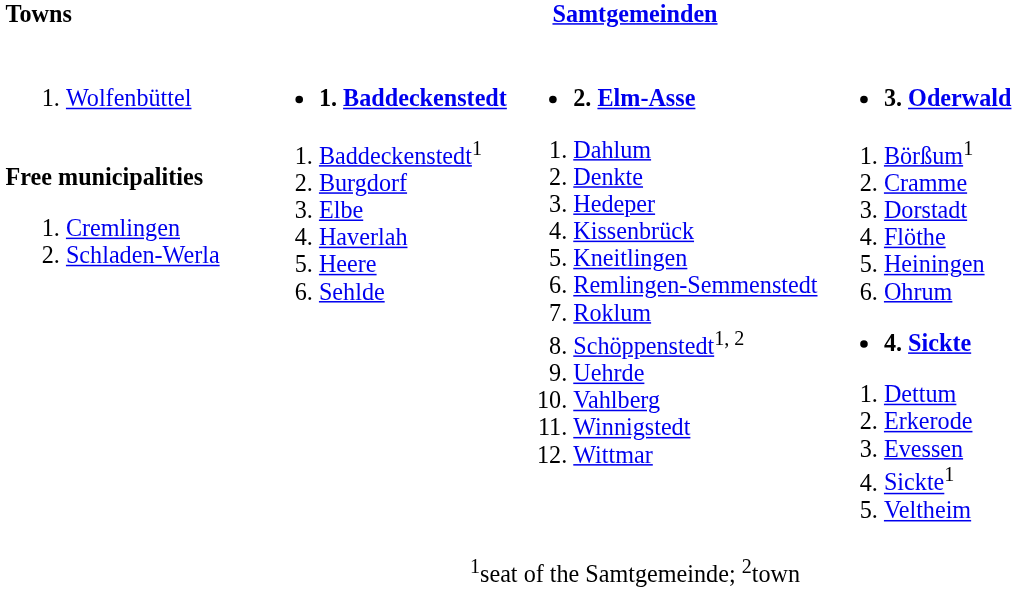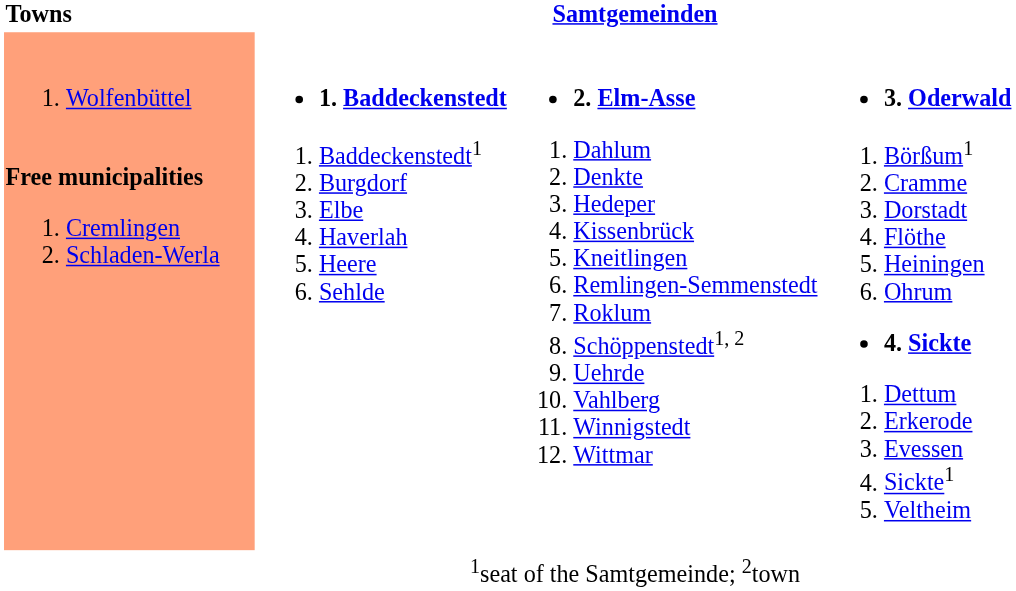 <table>
 <tr>
 <th align=left width=25%>Towns</th>
 <th colspan=3 align=center width=75%><a href='#'>Samtgemeinden</a></th>
 </tr>
 <tr valign=top>
-<td><br><ol><li><a href='#'>Wolfenbüttel</a></li></ol><br> <strong>Free municipalities</strong><br><ol><li><a href='#'>Cremlingen</a></li><li><a href='#'>Schladen-Werla</a></li></ol></td>
+<td style="background: lightsalmon;"><br><ol><li><a href='#'>Wolfenbüttel</a></li></ol><br> <strong>Free municipalities</strong><br><ol><li><a href='#'>Cremlingen</a></li><li><a href='#'>Schladen-Werla</a></li></ol></td>
 <td><br><ul><li><strong>1. <a href='#'>Baddeckenstedt</a></strong></li></ul><ol><li><a href='#'>Baddeckenstedt</a><sup>1</sup></li><li><a href='#'>Burgdorf</a></li><li><a href='#'>Elbe</a></li><li><a href='#'>Haverlah</a></li><li><a href='#'>Heere</a></li><li><a href='#'>Sehlde</a></li></ol></td>
 <td><br><ul><li><strong>2. <a href='#'>Elm-Asse</a></strong></li></ul><ol><li><a href='#'>Dahlum</a></li><li><a href='#'>Denkte</a></li><li><a href='#'>Hedeper</a></li><li><a href='#'>Kissenbrück</a></li><li><a href='#'>Kneitlingen</a></li><li><a href='#'>Remlingen-Semmenstedt</a></li><li><a href='#'>Roklum</a></li><li><a href='#'>Schöppenstedt</a><sup>1, 2</sup></li><li><a href='#'>Uehrde</a></li><li><a href='#'>Vahlberg</a></li><li><a href='#'>Winnigstedt</a></li><li><a href='#'>Wittmar</a></li></ol></td>
 <td><br><ul><li><strong>3. <a href='#'>Oderwald</a></strong></li></ul><ol><li><a href='#'>Börßum</a><sup>1</sup></li><li><a href='#'>Cramme</a></li><li><a href='#'>Dorstadt</a></li><li><a href='#'>Flöthe</a></li><li><a href='#'>Heiningen</a></li><li><a href='#'>Ohrum</a></li></ol><ul><li><strong>4. <a href='#'>Sickte</a></strong></li></ul><ol><li><a href='#'>Dettum</a></li><li><a href='#'>Erkerode</a></li><li><a href='#'>Evessen</a></li><li><a href='#'>Sickte</a><sup>1</sup></li><li><a href='#'>Veltheim</a></li></ol></td>
 </tr>
 <tr>
 <td></td>
 <td colspan=3 align=center><sup>1</sup>seat of the Samtgemeinde; <sup>2</sup>town</td>
 </tr>
 </table>
